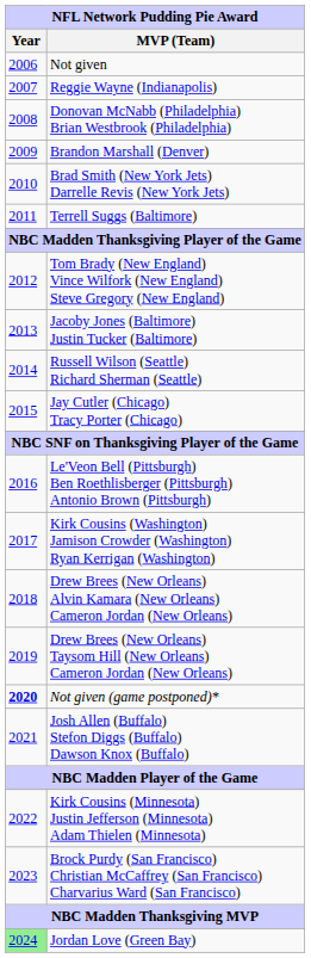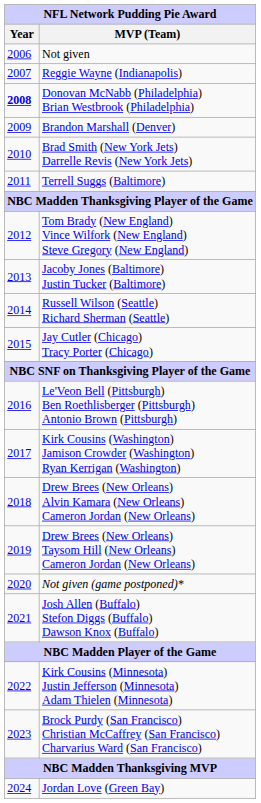 <table class="wikitable" style="font-size: 95%;">
 <tr>
 <td style="background:#ccf; text-align:center;" colspan=2><strong>NFL Network Pudding Pie Award</strong></td>
 </tr>
 <tr>
 <th>Year</th>
 <th>MVP (Team)</th>
 </tr>
 <tr>
 <td><a href='#'>2006</a></td>
 <td>Not given</td>
 </tr>
 <tr>
 <td><a href='#'>2007</a></td>
 <td><a href='#'>Reggie Wayne</a> (<a href='#'>Indianapolis</a>)</td>
 </tr>
 <tr>
-<td><a href='#'>2008</a></td>
+<td><strong><a href='#'>2008</a></strong></td>
 <td><a href='#'>Donovan McNabb</a> (<a href='#'>Philadelphia</a>)<br><a href='#'>Brian Westbrook</a> (<a href='#'>Philadelphia</a>)</td>
 </tr>
 <tr>
 <td><a href='#'>2009</a></td>
 <td><a href='#'>Brandon Marshall</a> (<a href='#'>Denver</a>)</td>
 </tr>
 <tr>
 <td><a href='#'>2010</a></td>
 <td><a href='#'>Brad Smith</a> (<a href='#'>New York Jets</a>)<br><a href='#'>Darrelle Revis</a> (<a href='#'>New York Jets</a>)</td>
 </tr>
 <tr>
 <td><a href='#'>2011</a></td>
 <td><a href='#'>Terrell Suggs</a> (<a href='#'>Baltimore</a>)</td>
 </tr>
 <tr>
 <td style="background:#ccf; text-align:center;" colspan=2><strong>NBC Madden Thanksgiving Player of the Game</strong></td>
 </tr>
 <tr>
 <td><a href='#'>2012</a></td>
 <td><a href='#'>Tom Brady</a> (<a href='#'>New England</a>)<br><a href='#'>Vince Wilfork</a> (<a href='#'>New England</a>)<br><a href='#'>Steve Gregory</a> (<a href='#'>New England</a>)</td>
 </tr>
 <tr>
 <td><a href='#'>2013</a></td>
 <td><a href='#'>Jacoby Jones</a> (<a href='#'>Baltimore</a>)<br><a href='#'>Justin Tucker</a> (<a href='#'>Baltimore</a>)</td>
 </tr>
 <tr>
 <td><a href='#'>2014</a></td>
 <td><a href='#'>Russell Wilson</a> (<a href='#'>Seattle</a>)<br><a href='#'>Richard Sherman</a> (<a href='#'>Seattle</a>)</td>
 </tr>
 <tr>
 <td><a href='#'>2015</a></td>
 <td><a href='#'>Jay Cutler</a> (<a href='#'>Chicago</a>)<br><a href='#'>Tracy Porter</a> (<a href='#'>Chicago</a>)</td>
 </tr>
 <tr>
 <td style="background:#ccf; text-align:center;" colspan=2><strong>NBC SNF on Thanksgiving Player of the Game</strong></td>
 </tr>
 <tr>
 <td><a href='#'>2016</a></td>
 <td><a href='#'>Le'Veon Bell</a> (<a href='#'>Pittsburgh</a>)<br><a href='#'>Ben Roethlisberger</a> (<a href='#'>Pittsburgh</a>)<br><a href='#'>Antonio Brown</a> (<a href='#'>Pittsburgh</a>)</td>
 </tr>
 <tr>
 <td><a href='#'>2017</a></td>
 <td><a href='#'>Kirk Cousins</a> (<a href='#'>Washington</a>)<br><a href='#'>Jamison Crowder</a> (<a href='#'>Washington</a>)<br><a href='#'>Ryan Kerrigan</a> (<a href='#'>Washington</a>)</td>
 </tr>
 <tr>
 <td><a href='#'>2018</a></td>
 <td><a href='#'>Drew Brees</a> (<a href='#'>New Orleans</a>)<br><a href='#'>Alvin Kamara</a> (<a href='#'>New Orleans</a>)<br><a href='#'>Cameron Jordan</a> (<a href='#'>New Orleans</a>)</td>
 </tr>
 <tr>
 <td><a href='#'>2019</a></td>
 <td><a href='#'>Drew Brees</a> (<a href='#'>New Orleans</a>)<br><a href='#'>Taysom Hill</a> (<a href='#'>New Orleans</a>)<br><a href='#'>Cameron Jordan</a> (<a href='#'>New Orleans</a>)</td>
 </tr>
 <tr>
-<td><strong><a href='#'>2020</a></strong></td>
+<td><a href='#'>2020</a></td>
 <td><em>Not given (game postponed)*</em></td>
 </tr>
 <tr>
 <td><a href='#'>2021</a></td>
 <td><a href='#'>Josh Allen</a> (<a href='#'>Buffalo</a>)<br><a href='#'>Stefon Diggs</a> (<a href='#'>Buffalo</a>)<br><a href='#'>Dawson Knox</a> (<a href='#'>Buffalo</a>)</td>
 </tr>
 <tr>
 <td style="background:#ccf; text-align:center;" colspan=2><strong>NBC Madden Player of the Game</strong></td>
 </tr>
 <tr>
 <td><a href='#'>2022</a></td>
 <td><a href='#'>Kirk Cousins</a> (<a href='#'>Minnesota</a>)<br><a href='#'>Justin Jefferson</a> (<a href='#'>Minnesota</a>)<br><a href='#'>Adam Thielen</a> (<a href='#'>Minnesota</a>)</td>
 </tr>
 <tr>
 <td><a href='#'>2023</a></td>
 <td><a href='#'>Brock Purdy</a> (<a href='#'>San Francisco</a>)<br><a href='#'>Christian McCaffrey</a> (<a href='#'>San Francisco</a>)<br><a href='#'>Charvarius Ward</a> (<a href='#'>San Francisco</a>)</td>
 </tr>
 <tr>
 <td style="background:#ccf; text-align:center;" colspan=2><strong>NBC Madden Thanksgiving MVP</strong></td>
 </tr>
 <tr>
-<td style="background: lightgreen;"><a href='#'>2024</a></td>
+<td><a href='#'>2024</a></td>
 <td><a href='#'>Jordan Love</a> (<a href='#'>Green Bay</a>)</td>
 </tr>
 </table>
